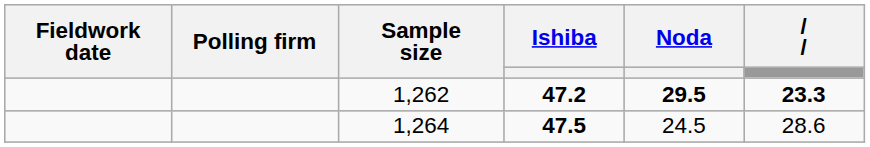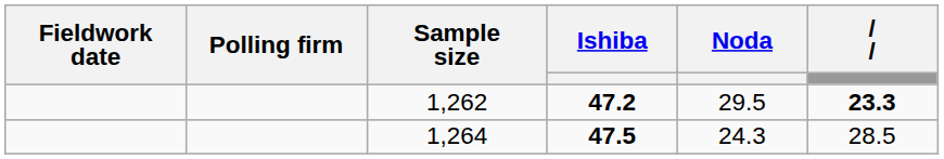 <table class="wikitable sortable mw-datatable" style="text-align:center;font-size:90%;line-height:14px;">
 <tr style="height:40px;">
 <th style="width:100px;" class="unsortable" rowspan="2">Fieldwork date</th>
 <th style="width:100px;" class="unsortable" rowspan="2">Polling firm</th>
 <th style="width:100px;" class="unsortable" rowspan="2">Sample<br>size</th>
 <th class="unsortable" style="width:70px;"><a href='#'>Ishiba</a><br></th>
 <th class="unsortable" style="width:70px;"><a href='#'>Noda</a><br></th>
 <th class="unsortable" style="width:70px;">/<br>/</th>
 </tr>
 <tr>
 <th style="background:"></th>
 <th style="background:"></th>
 <th style="background:#999999;"></th>
 </tr>
 <tr>
 <td></td>
 <td></td>
 <td>1,262</td>
 <td><strong>47.2</strong></td>
-<td><strong>29.5</strong></td>
+<td>29.5</td>
 <td><strong>23.3</strong></td>
 </tr>
 <tr>
 <td></td>
 <td></td>
 <td>1,264</td>
 <td><strong>47.5</strong></td>
-<td>24.5</td>
-<td>28.6</td>
+<td>24.3</td>
+<td>28.5</td>
 </tr>
 </table>
